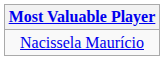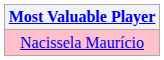 <table class=wikitable style="text-align:center; margin:auto">
 <tr>
 <th><a href='#'>Most Valuable Player</a></th>
 </tr>
 <tr>
-<td> <a href='#'>Nacissela Maurício</a></td>
+<td style="background: pink;"> <a href='#'>Nacissela Maurício</a></td>
 </tr>
 </table>
